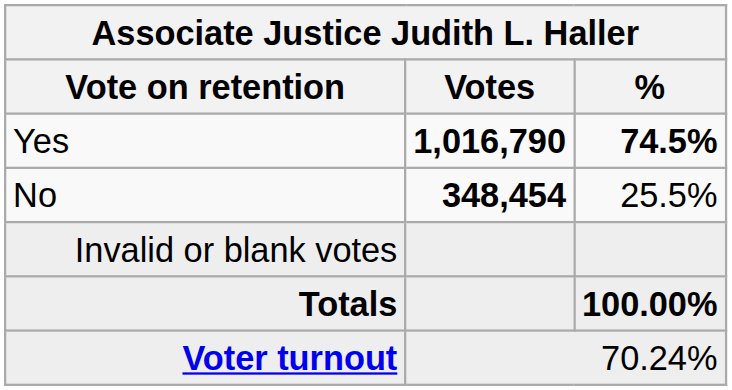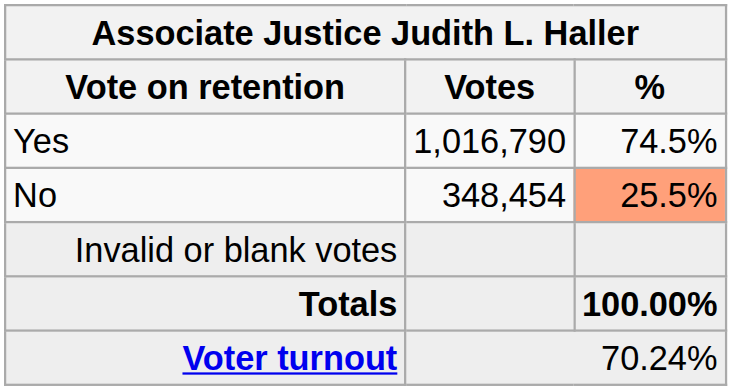 <table class="wikitable" style="font-size: 95%;">
 <tr style="background-color:#E9E9E9">
 <th colspan=7>Associate Justice Judith L. Haller</th>
 </tr>
 <tr style="background-color:#E9E9E9">
 <th style="width: 170px">Vote on retention</th>
 <th style="width: 50px">Votes</th>
 <th style="width: 40px">%</th>
 </tr>
 <tr>
 <td>Yes</td>
-<td align="right"><strong>1,016,790</strong></td>
-<td align="right"><strong>74.5%</strong></td>
+<td align="right">1,016,790</td>
+<td align="right">74.5%</td>
 </tr>
 <tr>
 <td>No</td>
-<td align="right"><strong>348,454</strong></td>
-<td align="right">25.5%</td>
+<td align="right">348,454</td>
+<td align="right" style="background: lightsalmon;">25.5%</td>
 </tr>
 <tr bgcolor="#EEEEEE">
 <td align="right">Invalid or blank votes</td>
 <td align="right"></td>
 <td align="right"></td>
 </tr>
 <tr bgcolor="#EEEEEE">
 <td align="right"><strong>Totals</strong></td>
 <td align="right"><strong></strong></td>
 <td align="right"><strong>100.00%</strong></td>
 </tr>
 <tr bgcolor="#EEEEEE">
 <td align="right"><strong><a href='#'>Voter turnout</a></strong></td>
 <td colspan="2" align="right">70.24%</td>
 </tr>
 </table>
